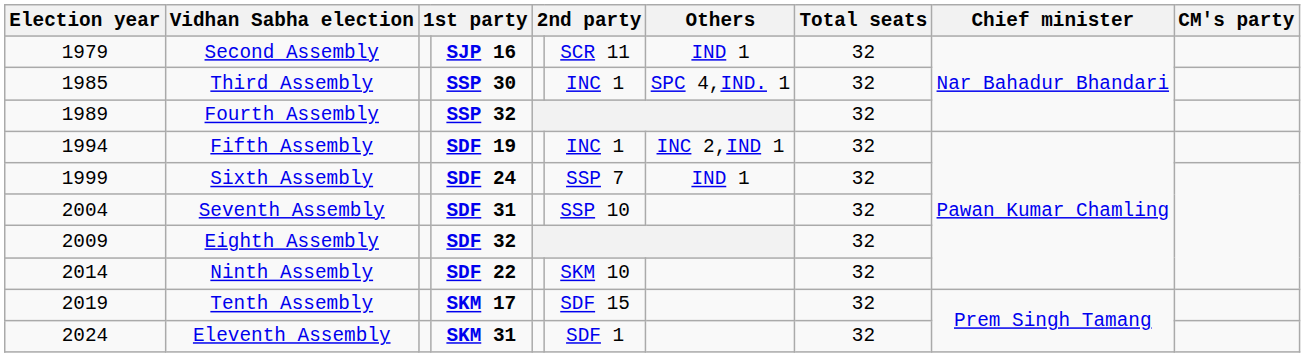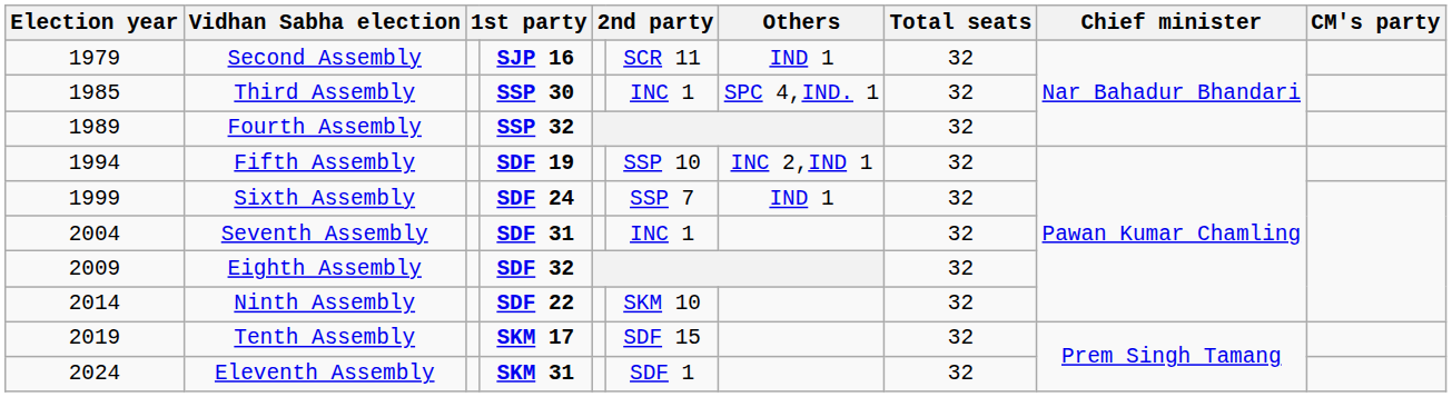 <table class="wikitable" style="text-align:center">
 <tr>
 <th>Election year</th>
 <th>Vidhan Sabha election</th>
 <th colspan="2">1st party</th>
 <th colspan="2">2nd party</th>
 <th>Others</th>
 <th>Total seats</th>
 <th>Chief minister</th>
 <th colspan=2>CM's party</th>
 </tr>
 <tr>
 <td>1979</td>
 <td><a href='#'>Second Assembly</a></td>
 <td style="background-color: "></td>
 <td><strong><a href='#'>SJP</a> 16 </strong></td>
 <td style="background-color: "></td>
 <td><a href='#'>SCR</a> 11</td>
 <td><a href='#'>IND</a> 1</td>
 <td>32</td>
 <td rowspan=3><a href='#'>Nar Bahadur Bhandari</a></td>
 <td></td>
 </tr>
 <tr>
 <td>1985</td>
 <td><a href='#'>Third Assembly</a></td>
 <td style="background-color: "></td>
 <td><strong><a href='#'>SSP</a> 30 </strong></td>
 <td style="background-color: "></td>
 <td><a href='#'>INC</a> 1</td>
 <td><a href='#'>SPC</a> 4,<a href='#'>IND.</a> 1</td>
 <td>32</td>
 <td></td>
 </tr>
 <tr>
 <td>1989</td>
 <td><a href='#'>Fourth Assembly</a></td>
 <td style="background-color: "></td>
 <td><strong><a href='#'>SSP</a> 32 </strong></td>
 <th colspan="3"></th>
 <td>32</td>
 </tr>
 <tr>
 <td>1994</td>
 <td><a href='#'>Fifth Assembly</a></td>
 <td style="background-color: "></td>
 <td><strong><a href='#'>SDF</a> 19 </strong></td>
 <td style="background-color: "></td>
-<td><a href='#'>INC</a> 1</td>
+<td><a href='#'>SSP</a> 10</td>
 <td><a href='#'>INC</a> 2,<a href='#'>IND</a> 1</td>
 <td>32</td>
 <td rowspan=5><a href='#'>Pawan Kumar Chamling</a></td>
 <td></td>
 </tr>
 <tr>
 <td>1999</td>
 <td><a href='#'>Sixth Assembly</a></td>
 <td style="background-color: "></td>
 <td><strong><a href='#'>SDF</a> 24 </strong></td>
 <td style="background-color: "></td>
 <td><a href='#'>SSP</a> 7</td>
 <td><a href='#'>IND</a> 1</td>
 <td>32</td>
 </tr>
 <tr>
 <td>2004</td>
 <td><a href='#'>Seventh Assembly</a></td>
 <td style="background-color: "></td>
 <td><strong><a href='#'>SDF</a> 31 </strong></td>
 <td style="background-color: "></td>
-<td><a href='#'>SSP</a> 10</td>
+<td><a href='#'>INC</a> 1</td>
 <td></td>
 <td>32</td>
 </tr>
 <tr>
 <td>2009</td>
 <td><a href='#'>Eighth Assembly</a></td>
 <td style="background-color: "></td>
 <td><strong><a href='#'>SDF</a> 32 </strong></td>
 <th colspan="3"></th>
 <td>32</td>
 </tr>
 <tr>
 <td>2014</td>
 <td><a href='#'>Ninth Assembly</a></td>
 <td style="background-color: "></td>
 <td><strong><a href='#'>SDF</a> 22 </strong></td>
 <td style="background-color: "></td>
 <td><a href='#'>SKM</a> 10</td>
 <td></td>
 <td>32</td>
 </tr>
 <tr>
 <td>2019</td>
 <td><a href='#'>Tenth Assembly</a></td>
 <td style="background-color: "></td>
 <td><strong><a href='#'>SKM</a> 17</strong></td>
 <td style="background-color: "></td>
 <td><a href='#'>SDF</a> 15</td>
 <td></td>
 <td>32</td>
 <td rowspan=2><a href='#'>Prem Singh Tamang</a></td>
 <td></td>
 </tr>
 <tr>
 <td>2024</td>
 <td><a href='#'>Eleventh Assembly</a></td>
 <td style="background-color: "></td>
 <td><strong><a href='#'>SKM</a> 31</strong></td>
 <td style="background-color: "></td>
 <td><a href='#'>SDF</a> 1</td>
 <td></td>
 <td>32</td>
 </tr>
 </table>
